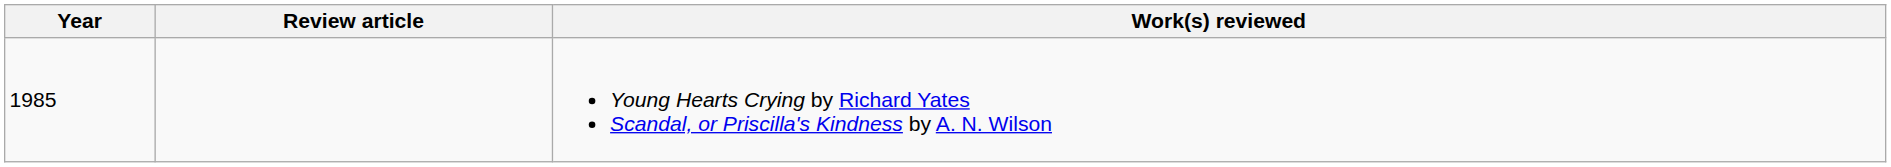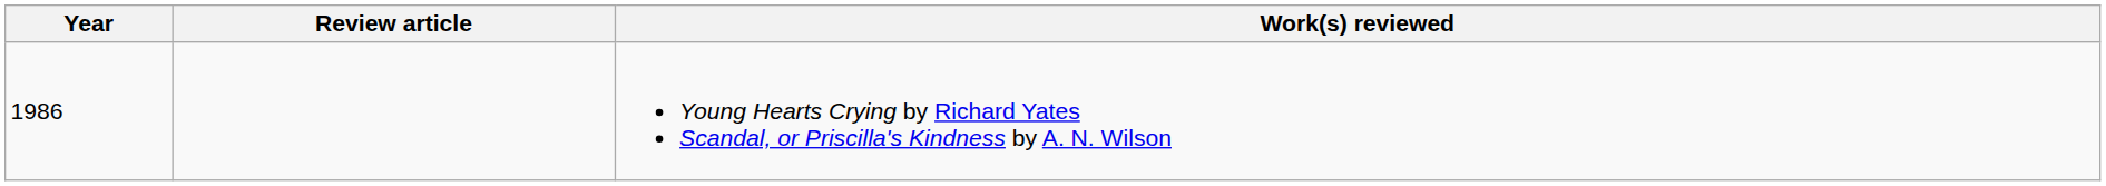 <table class='wikitable sortable' width='90%'>
 <tr>
 <th>Year</th>
 <th class='unsortable'>Review article</th>
 <th class='unsortable'>Work(s) reviewed</th>
 </tr>
 <tr>
-<td>1985</td>
+<td>1986</td>
 <td></td>
 <td><br><ul><li><em>Young Hearts Crying</em> by <a href='#'>Richard Yates</a></li><li><em><a href='#'>Scandal, or Priscilla's Kindness</a></em> by <a href='#'>A. N. Wilson</a></li></ul></td>
 </tr>
 </table>
